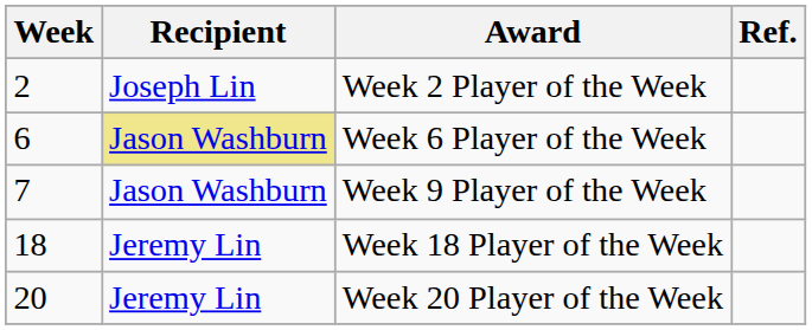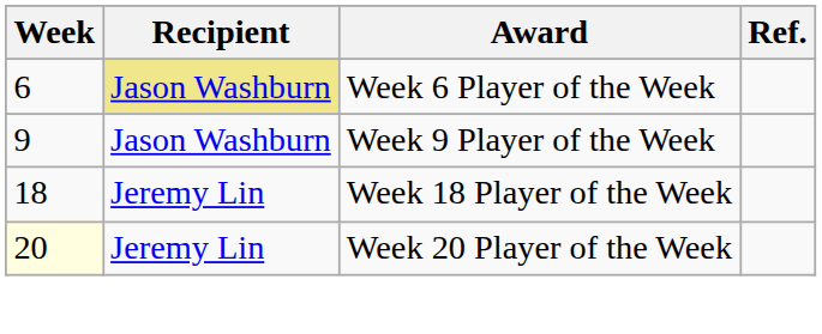 <table class="wikitable">
 <tr>
 <th>Week</th>
 <th>Recipient</th>
 <th>Award</th>
 <th>Ref.</th>
 </tr>
 <tr>
-<td>2</td>
-<td><a href='#'>Joseph Lin</a></td>
-<td>Week 2 Player of the Week</td>
-<td></td>
-</tr>
-<tr>
 <td>6</td>
 <td style="background: khaki;"><a href='#'>Jason Washburn</a></td>
 <td>Week 6 Player of the Week</td>
 <td></td>
 </tr>
 <tr>
-<td>7</td>
+<td>9</td>
 <td><a href='#'>Jason Washburn</a></td>
 <td>Week 9 Player of the Week</td>
 <td></td>
 </tr>
 <tr>
 <td>18</td>
 <td><a href='#'>Jeremy Lin</a></td>
 <td>Week 18 Player of the Week</td>
 <td></td>
 </tr>
 <tr>
-<td>20</td>
+<td style="background: lightyellow;">20</td>
 <td><a href='#'>Jeremy Lin</a></td>
 <td>Week 20 Player of the Week</td>
 <td></td>
 </tr>
 </table>
